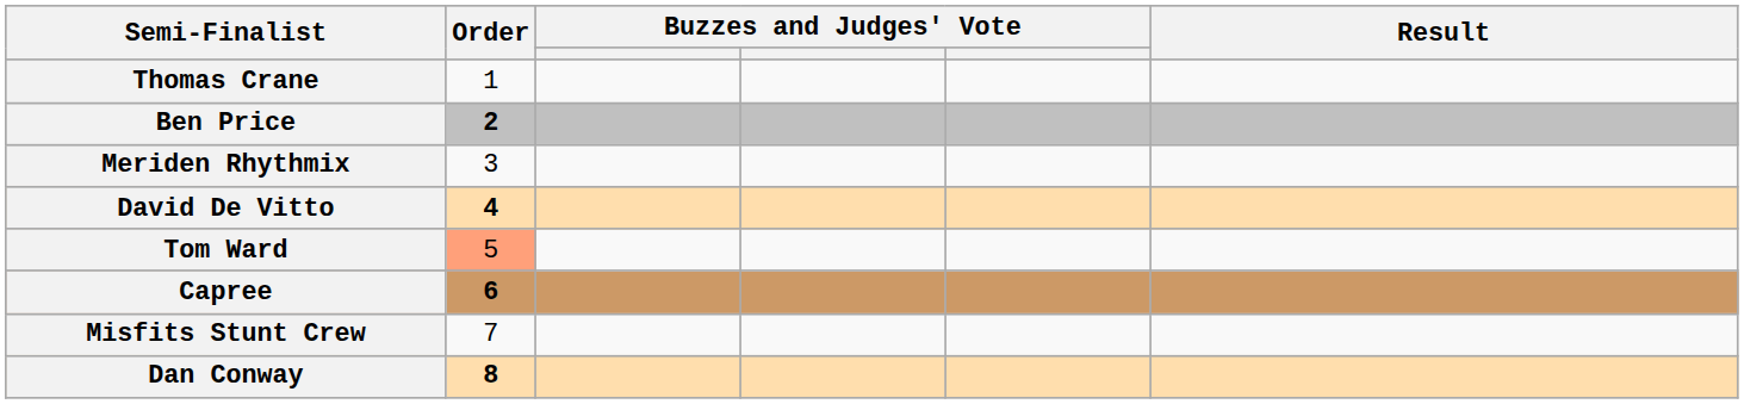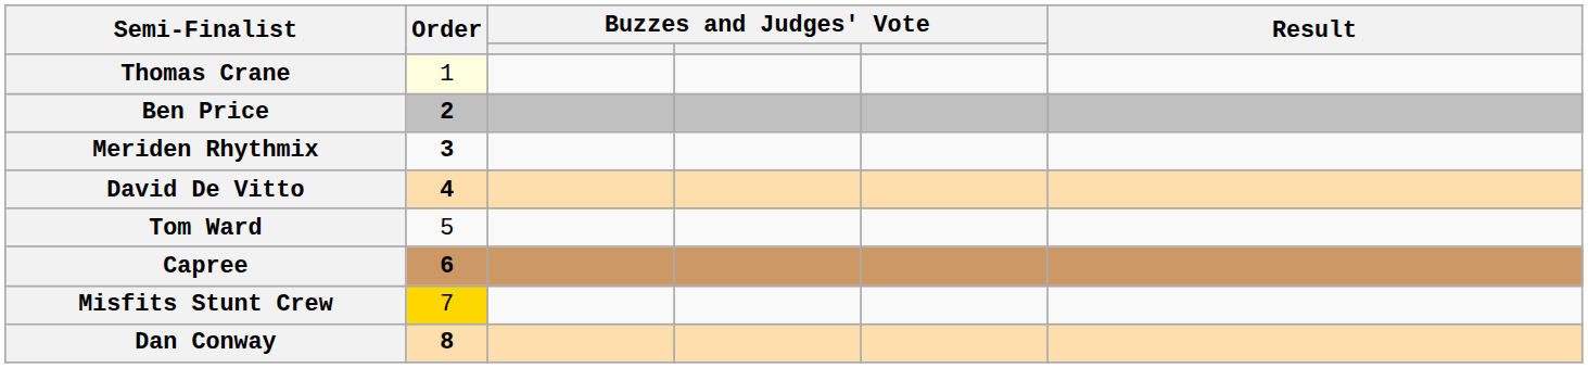 <table class="wikitable plainrowheaders sortable" style="text-align:center;">
 <tr>
 <th scope="col" rowspan=2 class="unsortable" style="width:17em;">Semi-Finalist</th>
 <th scope="col" rowspan=2 style="width:1em;">Order</th>
 <th scope="col" colspan=3 class="unsortable" style="width:24em;">Buzzes and Judges' Vote</th>
 <th scope="col" rowspan=2 style="width:23em;">Result</th>
 </tr>
 <tr>
 <th scope="col" class="unsortable" style="width:6em;"></th>
 <th scope="col" class="unsortable" style="width:6em;"></th>
 <th scope="col" class="unsortable" style="width:6em;"></th>
 </tr>
 <tr>
 <th scope="row">Thomas Crane</th>
-<td>1</td>
+<td style="background: lightyellow;">1</td>
 <td style="text-align:center;"></td>
 <td style="text-align:center;"></td>
 <td style="text-align:center;"></td>
 <td></td>
 </tr>
 <tr bgcolor=silver>
 <th scope="row"><strong>Ben Price</strong></th>
 <td><strong>2</strong></td>
 <td style="text-align:center;"></td>
 <td style="text-align:center;"></td>
 <td style="text-align:center;"></td>
 <td><strong></strong></td>
 </tr>
 <tr>
 <th scope="row">Meriden Rhythmix</th>
-<td>3</td>
+<td><strong>3</strong></td>
 <td style="text-align:center;"></td>
 <td style="text-align:center;"></td>
 <td style="text-align:center;"></td>
 <td></td>
 </tr>
 <tr bgcolor=navajowhite>
 <th scope="row"><strong>David De Vitto</strong></th>
 <td><strong>4</strong></td>
 <td style="text-align:center;"></td>
 <td style="text-align:center;"></td>
 <td style="text-align:center;"></td>
 <td><strong></strong></td>
 </tr>
 <tr>
 <th scope="row">Tom Ward</th>
-<td style="background: lightsalmon;">5</td>
+<td>5</td>
 <td style="text-align:center;"></td>
 <td style="text-align:center;"></td>
 <td style="text-align:center;"></td>
 <td></td>
 </tr>
 <tr bgcolor=#c96>
 <th scope="row"><strong>Capree</strong></th>
 <td><strong>6</strong></td>
 <td style="text-align:center;"></td>
 <td style="text-align:center;"></td>
 <td style="text-align:center;"></td>
 <td><strong></strong></td>
 </tr>
 <tr>
 <th scope="row">Misfits Stunt Crew</th>
-<td>7</td>
+<td style="background: gold;">7</td>
 <td style="text-align:center;"></td>
 <td style="text-align:center;"></td>
 <td style="text-align:center;"></td>
 <td></td>
 </tr>
 <tr bgcolor=navajowhite>
 <th scope="row"><strong>Dan Conway</strong></th>
 <td><strong>8</strong></td>
 <td style="text-align:center;"></td>
 <td style="text-align:center;"></td>
 <td style="text-align:center;"></td>
 <td><strong></strong></td>
 </tr>
 </table>
